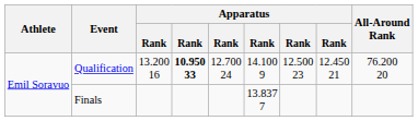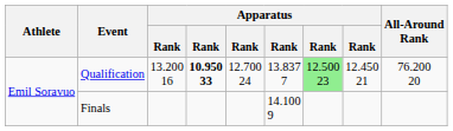 <table class="wikitable" style="font-size:90%">
 <tr>
 <th rowspan=2>Athlete</th>
 <th rowspan=2>Event</th>
 <th colspan=6>Apparatus</th>
 <th rowspan=2>All-Around<br>Rank</th>
 </tr>
 <tr style="font-size:95%">
 <th><br>Rank</th>
 <th><br>Rank</th>
 <th><br>Rank</th>
 <th><br>Rank</th>
 <th><br>Rank</th>
 <th><br>Rank</th>
 </tr>
 <tr align=center>
 <td rowspan=2 align=left><a href='#'>Emil Soravuo</a></td>
 <td align=left><a href='#'>Qualification</a></td>
 <td>13.200<br>16</td>
 <td><strong>10.950<br>33</strong></td>
 <td>12.700<br>24</td>
-<td>14.100<br>9 </td>
-<td>12.500<br>23</td>
+<td align=center>13.837<br>7</td>
+<td style="background: lightgreen;">12.500<br>23</td>
 <td>12.450<br>21</td>
 <td>76.200<br>20 </td>
 </tr>
 <tr>
 <td>Finals</td>
 <td align=center></td>
 <td align=center></td>
 <td align=center></td>
-<td align=center>13.837<br>7</td>
+<td>14.100<br>9 </td>
 <td align=center></td>
 <td align=center></td>
 <td align=center></td>
 </tr>
 </table>
